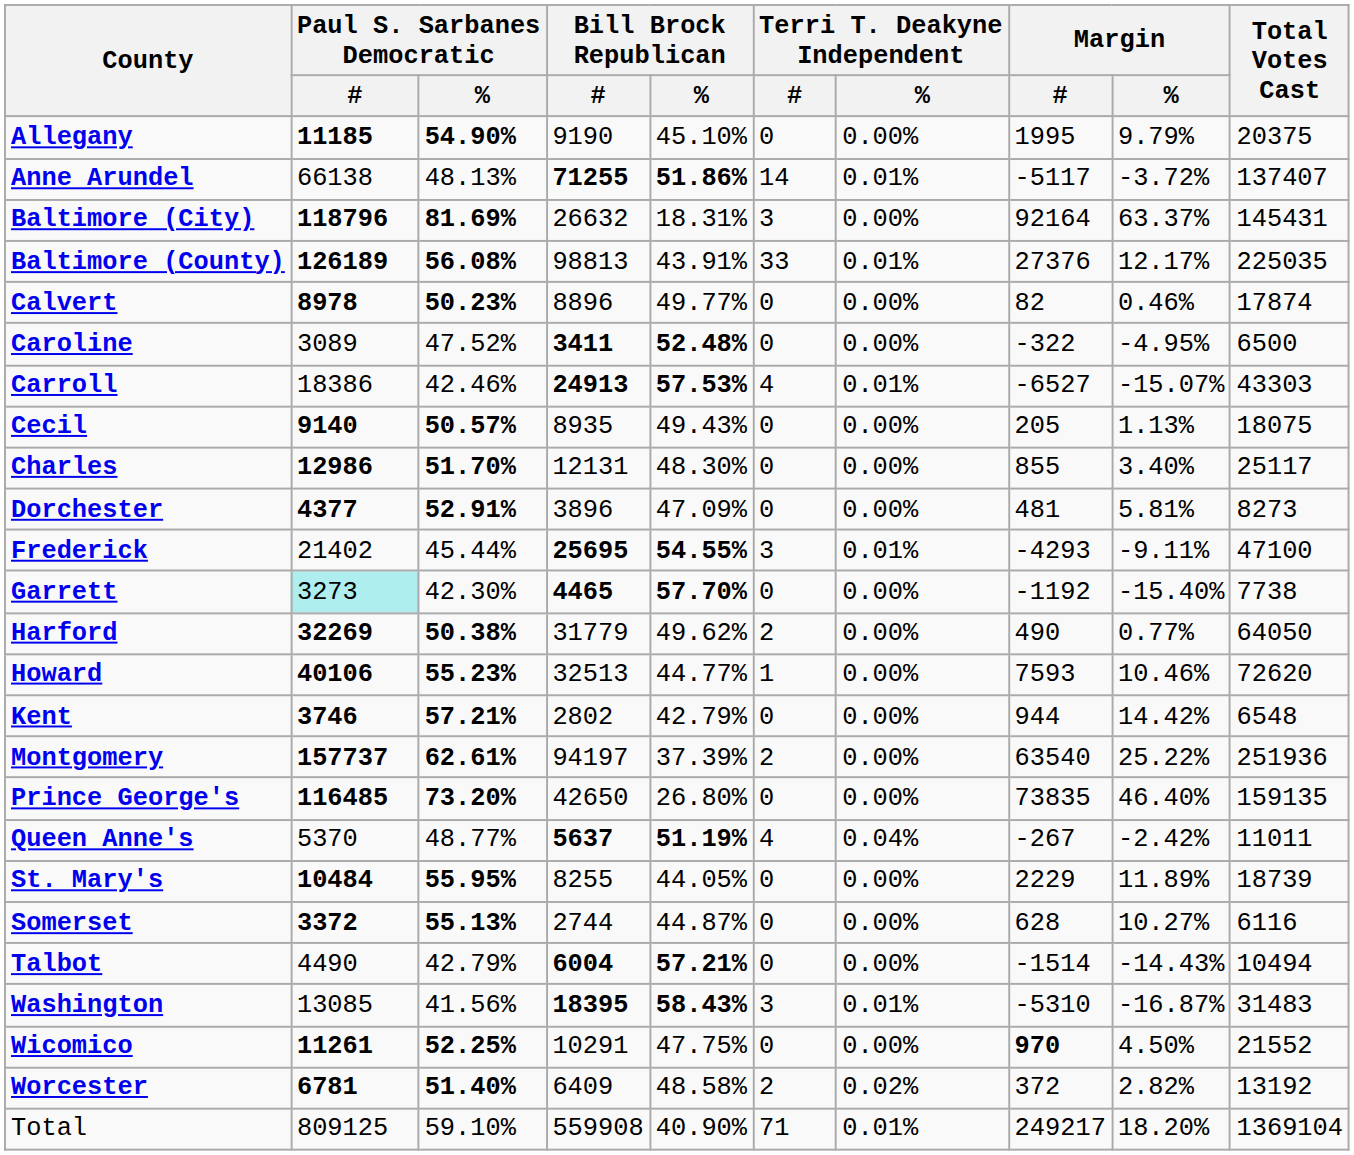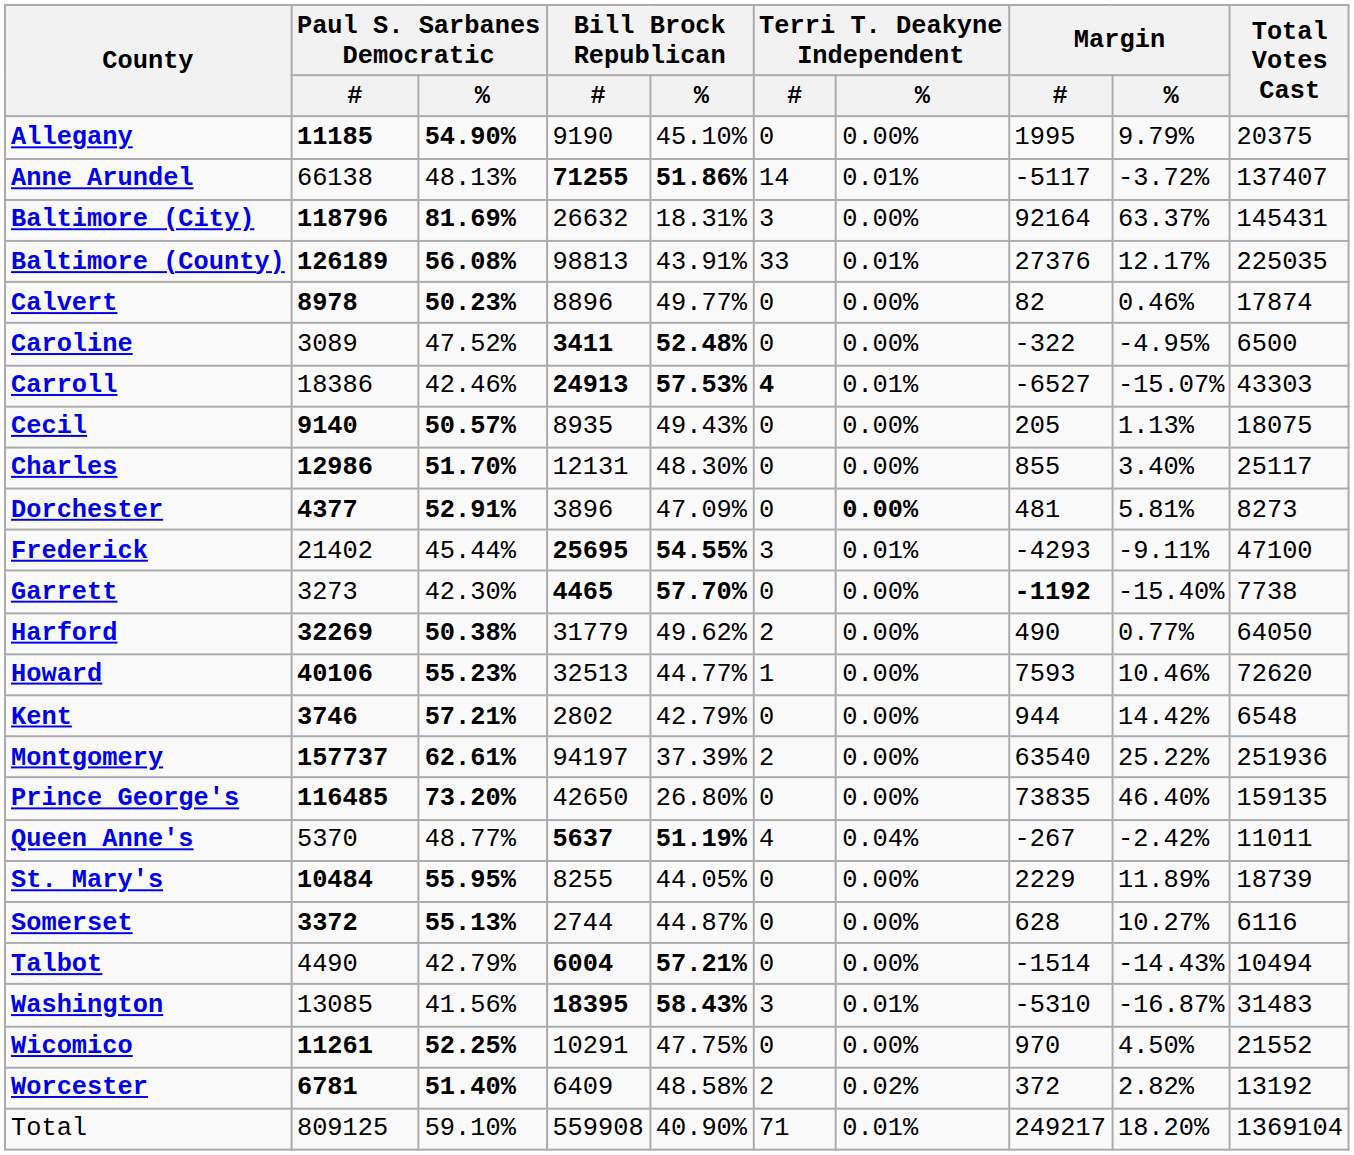 <table class="wikitable sortable">
 <tr>
 <th rowspan="2">County</th>
 <th colspan="2" >Paul S. Sarbanes<br>Democratic</th>
 <th colspan="2" >Bill Brock<br>Republican</th>
 <th colspan="2" >Terri T. Deakyne<br>Independent</th>
 <th colspan="2">Margin</th>
 <th rowspan="2">Total<br>Votes<br>Cast</th>
 </tr>
 <tr>
 <th>#</th>
 <th>%</th>
 <th>#</th>
 <th>%</th>
 <th>#</th>
 <th>%</th>
 <th>#</th>
 <th>%</th>
 </tr>
 <tr>
 <td><strong><a href='#'>Allegany</a></strong></td>
 <td><strong>11185</strong></td>
 <td><strong>54.90%</strong></td>
 <td>9190</td>
 <td>45.10%</td>
 <td>0</td>
 <td>0.00%</td>
 <td>1995</td>
 <td>9.79%</td>
 <td>20375</td>
 </tr>
 <tr>
 <td><strong><a href='#'>Anne Arundel</a></strong></td>
 <td>66138</td>
 <td>48.13%</td>
 <td><strong>71255</strong></td>
 <td><strong>51.86%</strong></td>
 <td>14</td>
 <td>0.01%</td>
 <td>-5117</td>
 <td>-3.72%</td>
 <td>137407</td>
 </tr>
 <tr>
 <td><strong><a href='#'>Baltimore (City)</a></strong></td>
 <td><strong>118796</strong></td>
 <td><strong>81.69%</strong></td>
 <td>26632</td>
 <td>18.31%</td>
 <td>3</td>
 <td>0.00%</td>
 <td>92164</td>
 <td>63.37%</td>
 <td>145431</td>
 </tr>
 <tr>
 <td><strong><a href='#'>Baltimore (County)</a></strong></td>
 <td><strong>126189</strong></td>
 <td><strong>56.08%</strong></td>
 <td>98813</td>
 <td>43.91%</td>
 <td>33</td>
 <td>0.01%</td>
 <td>27376</td>
 <td>12.17%</td>
 <td>225035</td>
 </tr>
 <tr>
 <td><strong><a href='#'>Calvert</a></strong></td>
 <td><strong>8978</strong></td>
 <td><strong>50.23%</strong></td>
 <td>8896</td>
 <td>49.77%</td>
 <td>0</td>
 <td>0.00%</td>
 <td>82</td>
 <td>0.46%</td>
 <td>17874</td>
 </tr>
 <tr>
 <td><strong><a href='#'>Caroline</a></strong></td>
 <td>3089</td>
 <td>47.52%</td>
 <td><strong>3411</strong></td>
 <td><strong>52.48%</strong></td>
 <td>0</td>
 <td>0.00%</td>
 <td>-322</td>
 <td>-4.95%</td>
 <td>6500</td>
 </tr>
 <tr>
 <td><strong><a href='#'>Carroll</a></strong></td>
 <td>18386</td>
 <td>42.46%</td>
 <td><strong>24913</strong></td>
 <td><strong>57.53%</strong></td>
-<td>4</td>
+<td><strong>4</strong></td>
 <td>0.01%</td>
 <td>-6527</td>
 <td>-15.07%</td>
 <td>43303</td>
 </tr>
 <tr>
 <td><strong><a href='#'>Cecil</a></strong></td>
 <td><strong>9140</strong></td>
 <td><strong>50.57%</strong></td>
 <td>8935</td>
 <td>49.43%</td>
 <td>0</td>
 <td>0.00%</td>
 <td>205</td>
 <td>1.13%</td>
 <td>18075</td>
 </tr>
 <tr>
 <td><strong><a href='#'>Charles</a></strong></td>
 <td><strong>12986</strong></td>
 <td><strong>51.70%</strong></td>
 <td>12131</td>
 <td>48.30%</td>
 <td>0</td>
 <td>0.00%</td>
 <td>855</td>
 <td>3.40%</td>
 <td>25117</td>
 </tr>
 <tr>
 <td><strong><a href='#'>Dorchester</a></strong></td>
 <td><strong>4377</strong></td>
 <td><strong>52.91%</strong></td>
 <td>3896</td>
 <td>47.09%</td>
 <td>0</td>
-<td>0.00%</td>
+<td><strong>0.00%</strong></td>
 <td>481</td>
 <td>5.81%</td>
 <td>8273</td>
 </tr>
 <tr>
 <td><strong><a href='#'>Frederick</a></strong></td>
 <td>21402</td>
 <td>45.44%</td>
 <td><strong>25695</strong></td>
 <td><strong>54.55%</strong></td>
 <td>3</td>
 <td>0.01%</td>
 <td>-4293</td>
 <td>-9.11%</td>
 <td>47100</td>
 </tr>
 <tr>
 <td><strong><a href='#'>Garrett</a></strong></td>
-<td style="background: paleturquoise;">3273</td>
+<td>3273</td>
 <td>42.30%</td>
 <td><strong>4465</strong></td>
 <td><strong>57.70%</strong></td>
 <td>0</td>
 <td>0.00%</td>
-<td>-1192</td>
+<td><strong>-1192</strong></td>
 <td>-15.40%</td>
 <td>7738</td>
 </tr>
 <tr>
 <td><strong><a href='#'>Harford</a></strong></td>
 <td><strong>32269</strong></td>
 <td><strong>50.38%</strong></td>
 <td>31779</td>
 <td>49.62%</td>
 <td>2</td>
 <td>0.00%</td>
 <td>490</td>
 <td>0.77%</td>
 <td>64050</td>
 </tr>
 <tr>
 <td><strong><a href='#'>Howard</a></strong></td>
 <td><strong>40106</strong></td>
 <td><strong>55.23%</strong></td>
 <td>32513</td>
 <td>44.77%</td>
 <td>1</td>
 <td>0.00%</td>
 <td>7593</td>
 <td>10.46%</td>
 <td>72620</td>
 </tr>
 <tr>
 <td><strong><a href='#'>Kent</a></strong></td>
 <td><strong>3746</strong></td>
 <td><strong>57.21%</strong></td>
 <td>2802</td>
 <td>42.79%</td>
 <td>0</td>
 <td>0.00%</td>
 <td>944</td>
 <td>14.42%</td>
 <td>6548</td>
 </tr>
 <tr>
 <td><strong><a href='#'>Montgomery</a></strong></td>
 <td><strong>157737</strong></td>
 <td><strong>62.61%</strong></td>
 <td>94197</td>
 <td>37.39%</td>
 <td>2</td>
 <td>0.00%</td>
 <td>63540</td>
 <td>25.22%</td>
 <td>251936</td>
 </tr>
 <tr>
 <td><strong><a href='#'>Prince George's</a></strong></td>
 <td><strong>116485</strong></td>
 <td><strong>73.20%</strong></td>
 <td>42650</td>
 <td>26.80%</td>
 <td>0</td>
 <td>0.00%</td>
 <td>73835</td>
 <td>46.40%</td>
 <td>159135</td>
 </tr>
 <tr>
 <td><strong><a href='#'>Queen Anne's</a></strong></td>
 <td>5370</td>
 <td>48.77%</td>
 <td><strong>5637</strong></td>
 <td><strong>51.19%</strong></td>
 <td>4</td>
 <td>0.04%</td>
 <td>-267</td>
 <td>-2.42%</td>
 <td>11011</td>
 </tr>
 <tr>
 <td><strong><a href='#'>St. Mary's</a></strong></td>
 <td><strong>10484</strong></td>
 <td><strong>55.95%</strong></td>
 <td>8255</td>
 <td>44.05%</td>
 <td>0</td>
 <td>0.00%</td>
 <td>2229</td>
 <td>11.89%</td>
 <td>18739</td>
 </tr>
 <tr>
 <td><strong><a href='#'>Somerset</a></strong></td>
 <td><strong>3372</strong></td>
 <td><strong>55.13%</strong></td>
 <td>2744</td>
 <td>44.87%</td>
 <td>0</td>
 <td>0.00%</td>
 <td>628</td>
 <td>10.27%</td>
 <td>6116</td>
 </tr>
 <tr>
 <td><strong><a href='#'>Talbot</a></strong></td>
 <td>4490</td>
 <td>42.79%</td>
 <td><strong>6004</strong></td>
 <td><strong>57.21%</strong></td>
 <td>0</td>
 <td>0.00%</td>
 <td>-1514</td>
 <td>-14.43%</td>
 <td>10494</td>
 </tr>
 <tr>
 <td><strong><a href='#'>Washington</a></strong></td>
 <td>13085</td>
 <td>41.56%</td>
 <td><strong>18395</strong></td>
 <td><strong>58.43%</strong></td>
 <td>3</td>
 <td>0.01%</td>
 <td>-5310</td>
 <td>-16.87%</td>
 <td>31483</td>
 </tr>
 <tr>
 <td><strong><a href='#'>Wicomico</a></strong></td>
 <td><strong>11261</strong></td>
 <td><strong>52.25%</strong></td>
 <td>10291</td>
 <td>47.75%</td>
 <td>0</td>
 <td>0.00%</td>
-<td><strong>970</strong></td>
+<td>970</td>
 <td>4.50%</td>
 <td>21552</td>
 </tr>
 <tr>
 <td><strong><a href='#'>Worcester</a></strong></td>
 <td><strong>6781</strong></td>
 <td><strong>51.40%</strong></td>
 <td>6409</td>
 <td>48.58%</td>
 <td>2</td>
 <td>0.02%</td>
 <td>372</td>
 <td>2.82%</td>
 <td>13192</td>
 </tr>
 <tr>
 <td>Total</td>
 <td>809125</td>
 <td>59.10%</td>
 <td>559908</td>
 <td>40.90%</td>
 <td>71</td>
 <td>0.01%</td>
 <td>249217</td>
 <td>18.20%</td>
 <td>1369104</td>
 </tr>
 </table>
